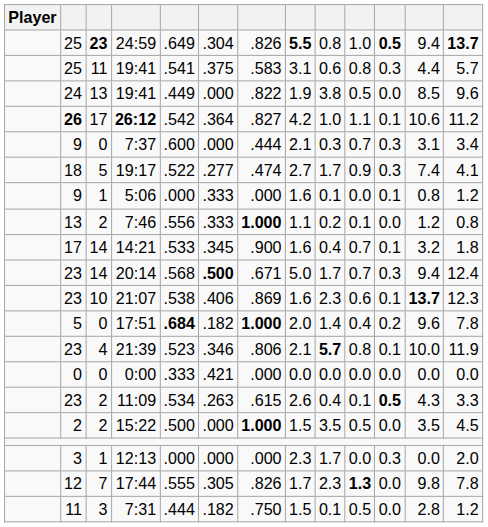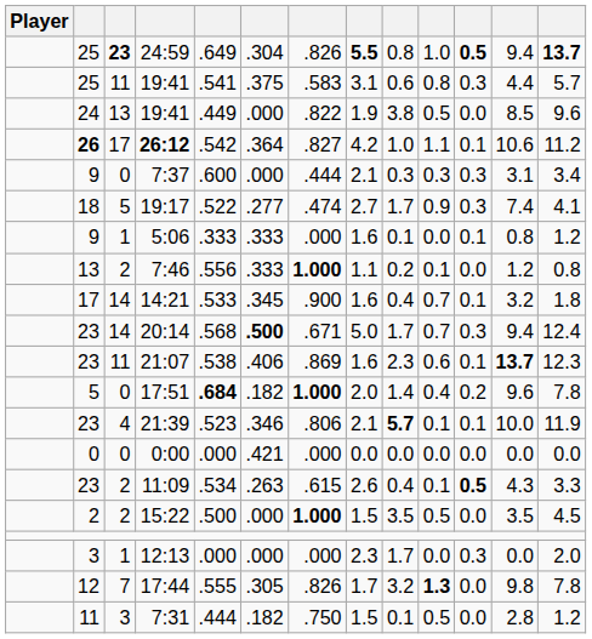 <table class="wikitable sortable" style="font-size:95%; text-align:right;">
 <tr>
 <th>Player</th>
 <th></th>
 <th></th>
 <th></th>
 <th></th>
 <th></th>
 <th></th>
 <th></th>
 <th></th>
 <th></th>
 <th></th>
 <th></th>
 <th></th>
 </tr>
 <tr>
 <td><strong></strong></td>
 <td>25</td>
 <td><strong>23</strong></td>
 <td>24:59</td>
 <td>.649</td>
 <td>.304</td>
 <td>.826</td>
 <td><strong>5.5</strong></td>
 <td>0.8</td>
 <td>1.0</td>
 <td><strong>0.5</strong></td>
 <td>9.4</td>
 <td><strong>13.7</strong></td>
 </tr>
 <tr>
 <td><strong></strong></td>
 <td>25</td>
 <td>11</td>
 <td>19:41</td>
 <td>.541</td>
 <td>.375</td>
 <td>.583</td>
 <td>3.1</td>
 <td>0.6</td>
 <td>0.8</td>
 <td>0.3</td>
 <td>4.4</td>
 <td>5.7</td>
 </tr>
 <tr>
 <td><strong></strong></td>
 <td>24</td>
 <td>13</td>
 <td>19:41</td>
 <td>.449</td>
 <td>.000</td>
 <td>.822</td>
 <td>1.9</td>
 <td>3.8</td>
 <td>0.5</td>
 <td>0.0</td>
 <td>8.5</td>
 <td>9.6</td>
 </tr>
 <tr>
 <td><strong></strong></td>
 <td><strong>26</strong></td>
 <td>17</td>
 <td><strong>26:12</strong></td>
 <td>.542</td>
 <td>.364</td>
 <td>.827</td>
 <td>4.2</td>
 <td>1.0</td>
 <td>1.1</td>
 <td>0.1</td>
 <td>10.6</td>
 <td>11.2</td>
 </tr>
 <tr>
 <td><strong></strong></td>
 <td>9</td>
 <td>0</td>
 <td>7:37</td>
 <td>.600</td>
 <td>.000</td>
 <td>.444</td>
 <td>2.1</td>
 <td>0.3</td>
-<td>0.7</td>
+<td>0.3</td>
 <td>0.3</td>
 <td>3.1</td>
 <td>3.4</td>
 </tr>
 <tr>
 <td><strong></strong></td>
 <td>18</td>
 <td>5</td>
 <td>19:17</td>
 <td>.522</td>
 <td>.277</td>
 <td>.474</td>
 <td>2.7</td>
 <td>1.7</td>
 <td>0.9</td>
 <td>0.3</td>
 <td>7.4</td>
 <td>4.1</td>
 </tr>
 <tr>
 <td><strong></strong></td>
 <td>9</td>
 <td>1</td>
 <td>5:06</td>
-<td>.000</td>
+<td>.333</td>
 <td>.333</td>
 <td>.000</td>
 <td>1.6</td>
 <td>0.1</td>
 <td>0.0</td>
 <td>0.1</td>
 <td>0.8</td>
 <td>1.2</td>
 </tr>
 <tr>
 <td><strong></strong></td>
 <td>13</td>
 <td>2</td>
 <td>7:46</td>
 <td>.556</td>
 <td>.333</td>
 <td><strong>1.000</strong></td>
 <td>1.1</td>
 <td>0.2</td>
 <td>0.1</td>
 <td>0.0</td>
 <td>1.2</td>
 <td>0.8</td>
 </tr>
 <tr>
 <td><strong></strong></td>
 <td>17</td>
 <td>14</td>
 <td>14:21</td>
 <td>.533</td>
 <td>.345</td>
 <td>.900</td>
 <td>1.6</td>
 <td>0.4</td>
 <td>0.7</td>
 <td>0.1</td>
 <td>3.2</td>
 <td>1.8</td>
 </tr>
 <tr>
 <td><strong></strong></td>
 <td>23</td>
 <td>14</td>
 <td>20:14</td>
 <td>.568</td>
 <td><strong>.500</strong></td>
 <td>.671</td>
 <td>5.0</td>
 <td>1.7</td>
 <td>0.7</td>
 <td>0.3</td>
 <td>9.4</td>
 <td>12.4</td>
 </tr>
 <tr>
 <td><strong></strong></td>
 <td>23</td>
-<td>10</td>
+<td>11</td>
 <td>21:07</td>
 <td>.538</td>
 <td>.406</td>
 <td>.869</td>
 <td>1.6</td>
 <td>2.3</td>
 <td>0.6</td>
 <td>0.1</td>
 <td><strong>13.7</strong></td>
 <td>12.3</td>
 </tr>
 <tr>
 <td><strong></strong></td>
 <td>5</td>
 <td>0</td>
 <td>17:51</td>
 <td><strong>.684</strong></td>
 <td>.182</td>
 <td><strong>1.000</strong></td>
 <td>2.0</td>
 <td>1.4</td>
 <td>0.4</td>
 <td>0.2</td>
 <td>9.6</td>
 <td>7.8</td>
 </tr>
 <tr>
 <td><strong></strong></td>
 <td>23</td>
 <td>4</td>
 <td>21:39</td>
 <td>.523</td>
 <td>.346</td>
 <td>.806</td>
 <td>2.1</td>
 <td><strong>5.7</strong></td>
-<td>0.8</td>
+<td>0.1</td>
 <td>0.1</td>
 <td>10.0</td>
 <td>11.9</td>
 </tr>
 <tr>
 <td><strong></strong></td>
 <td>0</td>
 <td>0</td>
 <td>0:00</td>
-<td>.333</td>
+<td>.000</td>
 <td>.421</td>
 <td>.000</td>
 <td>0.0</td>
 <td>0.0</td>
 <td>0.0</td>
 <td>0.0</td>
 <td>0.0</td>
 <td>0.0</td>
 </tr>
 <tr>
 <td><strong></strong></td>
 <td>23</td>
 <td>2</td>
 <td>11:09</td>
 <td>.534</td>
 <td>.263</td>
 <td>.615</td>
 <td>2.6</td>
 <td>0.4</td>
 <td>0.1</td>
 <td><strong>0.5</strong></td>
 <td>4.3</td>
 <td>3.3</td>
 </tr>
 <tr>
 <td><strong></strong></td>
 <td>2</td>
 <td>2</td>
 <td>15:22</td>
 <td>.500</td>
 <td>.000</td>
 <td><strong>1.000</strong></td>
 <td>1.5</td>
 <td>3.5</td>
 <td>0.5</td>
 <td>0.0</td>
 <td>3.5</td>
 <td>4.5</td>
 </tr>
 <tr class="sortbottom">
 <td colspan=13></td>
 </tr>
 <tr>
 <td><em></em></td>
 <td>3</td>
 <td>1</td>
 <td>12:13</td>
 <td>.000</td>
 <td>.000</td>
 <td>.000</td>
 <td>2.3</td>
 <td>1.7</td>
 <td>0.0</td>
 <td>0.3</td>
 <td>0.0</td>
 <td>2.0</td>
 </tr>
 <tr>
 <td><em></em></td>
 <td>12</td>
 <td>7</td>
 <td>17:44</td>
 <td>.555</td>
 <td>.305</td>
 <td>.826</td>
 <td>1.7</td>
-<td>2.3</td>
+<td>3.2</td>
 <td><strong>1.3</strong></td>
 <td>0.0</td>
 <td>9.8</td>
 <td>7.8</td>
 </tr>
 <tr>
 <td><em></em></td>
 <td>11</td>
 <td>3</td>
 <td>7:31</td>
 <td>.444</td>
 <td>.182</td>
 <td>.750</td>
 <td>1.5</td>
 <td>0.1</td>
 <td>0.5</td>
 <td>0.0</td>
 <td>2.8</td>
 <td>1.2</td>
 </tr>
 </table>
